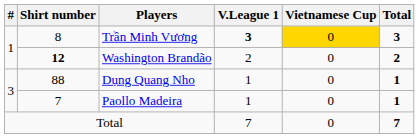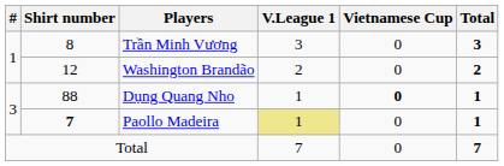 <table class="wikitable sortable" style="font-size: 95%; text-align: center;">
 <tr>
 <th>#</th>
 <th>Shirt number</th>
 <th>Players</th>
 <th>V.League 1</th>
 <th>Vietnamese Cup</th>
 <th>Total</th>
 </tr>
 <tr>
 <td rowspan="2">1</td>
 <td>8</td>
 <td align="left"> <a href='#'>Trần Minh Vương</a></td>
-<td><strong>3</strong></td>
-<td style="background: gold;">0</td>
+<td>3</td>
+<td>0</td>
 <td><strong>3</strong></td>
 </tr>
 <tr>
-<td><strong>12</strong></td>
+<td>12</td>
 <td align="left"> <a href='#'>Washington Brandão</a></td>
 <td>2</td>
 <td>0</td>
 <td><strong>2</strong></td>
 </tr>
 <tr>
 <td rowspan="2">3</td>
 <td>88</td>
 <td align="left"> <a href='#'>Dụng Quang Nho</a></td>
 <td>1</td>
-<td>0</td>
+<td><strong>0</strong></td>
 <td><strong>1</strong></td>
 </tr>
 <tr>
-<td>7</td>
+<td><strong>7</strong></td>
 <td align="left"> <a href='#'>Paollo Madeira</a></td>
-<td>1</td>
+<td style="background: khaki;">1</td>
 <td>0</td>
 <td><strong>1</strong></td>
 </tr>
 <tr>
 <td colspan="3">Total</td>
 <td>7</td>
 <td>0</td>
 <td><strong>7</strong></td>
 </tr>
 </table>
